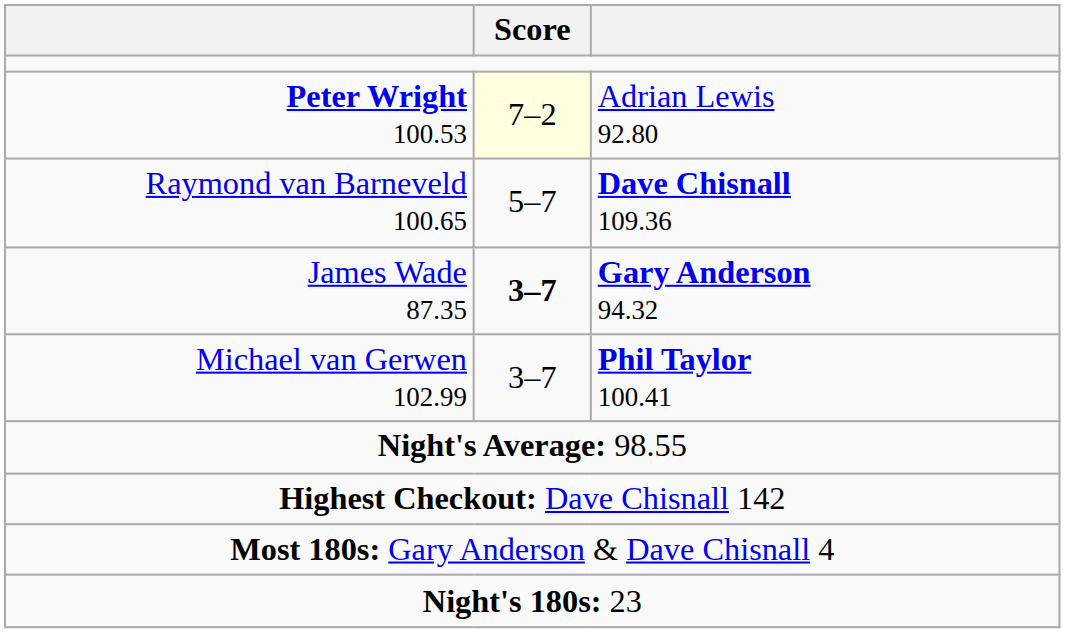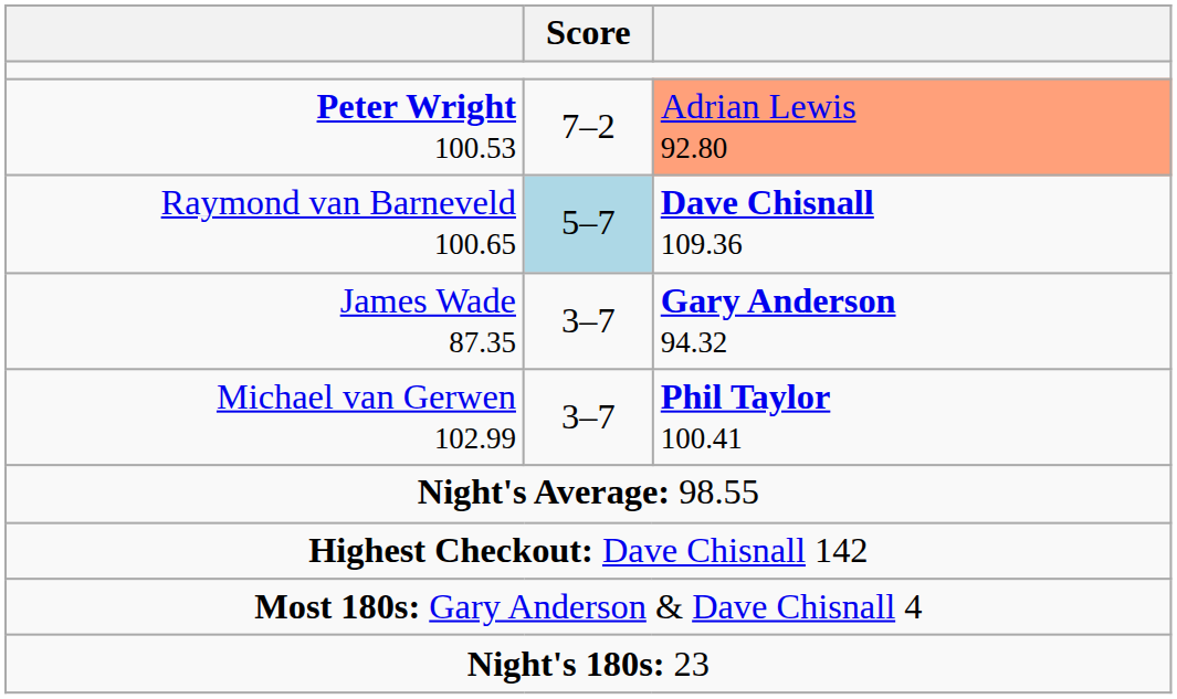 <table class=wikitable style="text-align:center">
 <tr>
 <th width=225></th>
 <th width=50>Score</th>
 <th width=225></th>
 </tr>
 <tr align=center>
 <td colspan="3"></td>
 </tr>
 <tr align=left>
 <td align=right><strong><a href='#'>Peter Wright</a></strong>  <br><small><span>100.53</span></small></td>
-<td align=center style="background: lightyellow;">7–2</td>
-<td> <a href='#'>Adrian Lewis</a> <br><small><span>92.80</span></small></td>
+<td align=center>7–2</td>
+<td style="background: lightsalmon;"> <a href='#'>Adrian Lewis</a> <br><small><span>92.80</span></small></td>
 </tr>
 <tr align=left>
 <td align=right><a href='#'>Raymond van Barneveld</a>  <br><small><span>100.65</span></small></td>
-<td align=center>5–7</td>
+<td align=center style="background: lightblue;">5–7</td>
 <td> <strong><a href='#'>Dave Chisnall</a></strong> <br><small><span>109.36</span></small></td>
 </tr>
 <tr align=left>
 <td align=right><a href='#'>James Wade</a> <br><small><span>87.35</span></small></td>
-<td align=center><strong>3–7</strong></td>
+<td align=center>3–7</td>
 <td> <strong><a href='#'>Gary Anderson</a></strong><br><small><span>94.32</span></small></td>
 </tr>
 <tr align=left>
 <td align=right><a href='#'>Michael van Gerwen</a> <br><small><span>102.99</span></small></td>
 <td align=center>3–7</td>
 <td> <strong><a href='#'>Phil Taylor</a></strong><br><small><span>100.41</span></small></td>
 </tr>
 <tr align=center>
 <td colspan="3"><strong>Night's Average:</strong> 98.55</td>
 </tr>
 <tr align=center>
 <td colspan="3"><strong>Highest Checkout:</strong>  <a href='#'>Dave Chisnall</a> 142</td>
 </tr>
 <tr align=center>
 <td colspan="3"><strong>Most 180s:</strong>  <a href='#'>Gary Anderson</a> &   <a href='#'>Dave Chisnall</a> 4</td>
 </tr>
 <tr align=center>
 <td colspan="3"><strong>Night's 180s:</strong> 23</td>
 </tr>
 </table>
